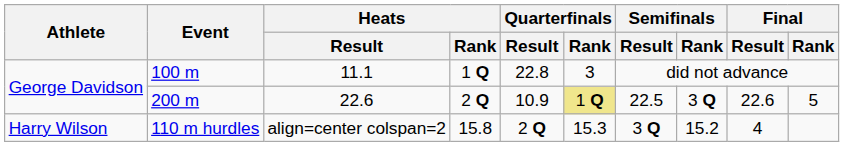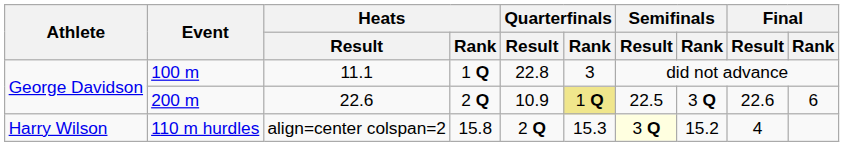 <table class=wikitable style="font-size:90%">
 <tr>
 <th rowspan=2>Athlete</th>
 <th rowspan=2>Event</th>
 <th colspan=2>Heats</th>
 <th colspan=2>Quarterfinals</th>
 <th colspan=2>Semifinals</th>
 <th colspan=2>Final</th>
 </tr>
 <tr>
 <th>Result</th>
 <th>Rank</th>
 <th>Result</th>
 <th>Rank</th>
 <th>Result</th>
 <th>Rank</th>
 <th>Result</th>
 <th>Rank</th>
 </tr>
 <tr>
 <td rowspan=2><a href='#'>George Davidson</a></td>
 <td><a href='#'>100 m</a></td>
 <td align=center>11.1</td>
 <td align=center>1 <strong>Q</strong></td>
 <td align=center>22.8</td>
 <td align=center>3</td>
 <td align=center colspan=4>did not advance</td>
 </tr>
 <tr>
 <td><a href='#'>200 m</a></td>
 <td align=center>22.6</td>
 <td align=center>2 <strong>Q</strong></td>
 <td align=center>10.9</td>
 <td align=center style="background: khaki;">1 <strong>Q</strong></td>
 <td align=center>22.5</td>
 <td align=center>3 <strong>Q</strong></td>
 <td align=center>22.6</td>
-<td align=center>5</td>
+<td align=center>6</td>
 </tr>
 <tr>
 <td><a href='#'>Harry Wilson</a></td>
 <td><a href='#'>110 m hurdles</a></td>
 <td>align=center colspan=2 </td>
 <td align=center>15.8</td>
 <td align=center>2 <strong>Q</strong></td>
 <td align=center>15.3</td>
-<td align=center>3 <strong>Q</strong></td>
+<td align=center style="background: lightyellow;">3 <strong>Q</strong></td>
 <td align=center>15.2</td>
 <td align=center>4</td>
 </tr>
 </table>
